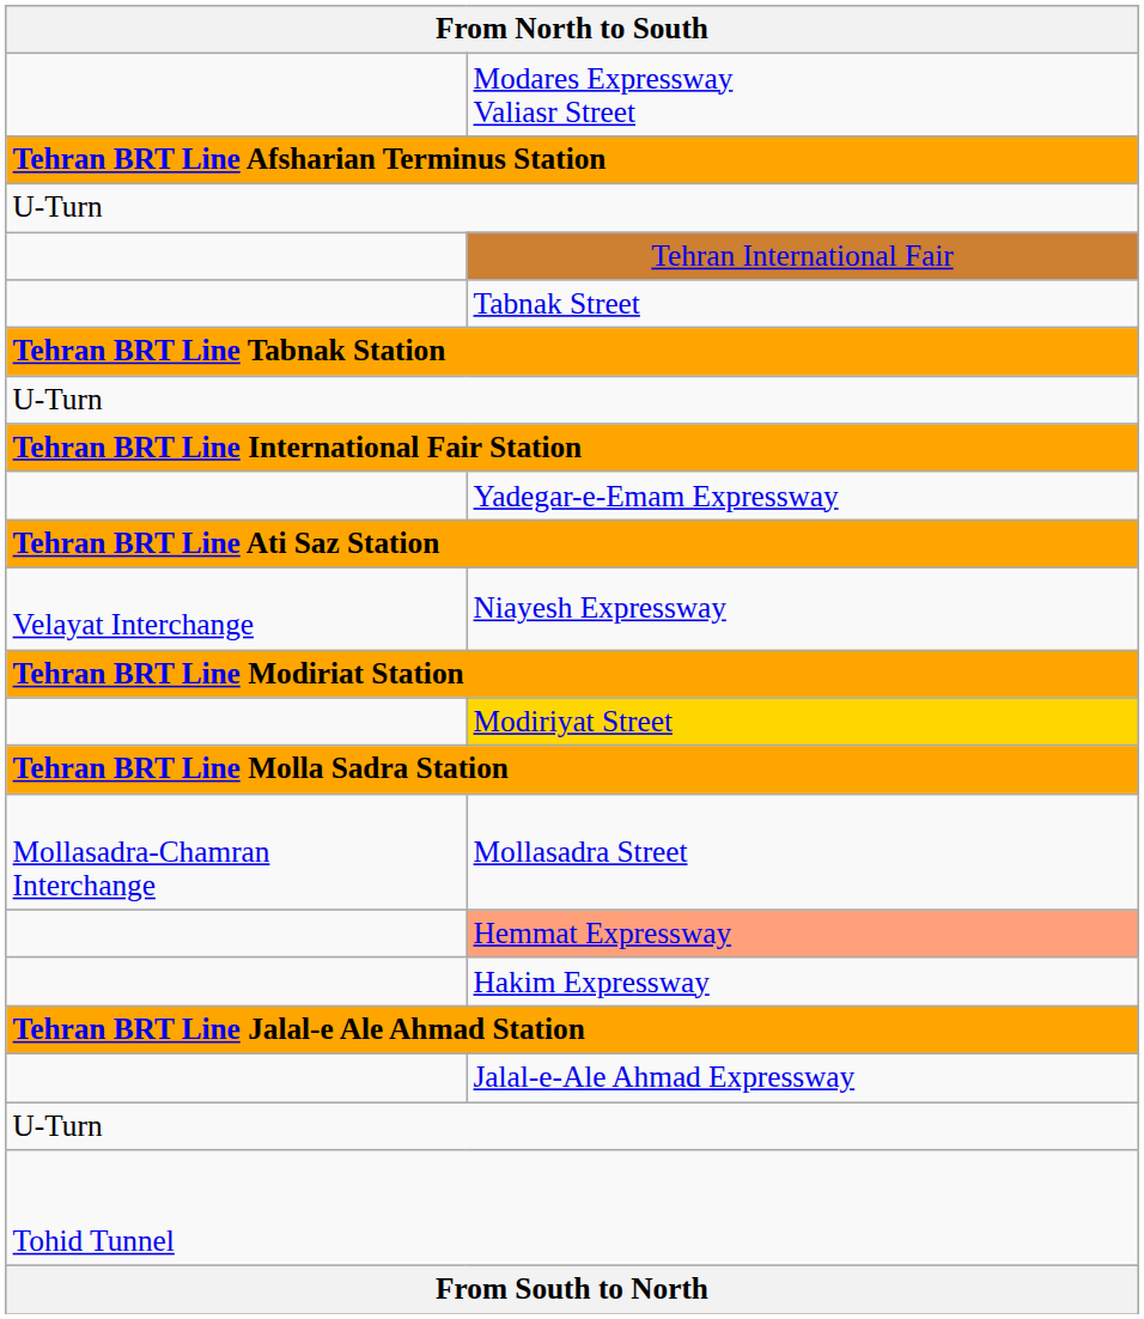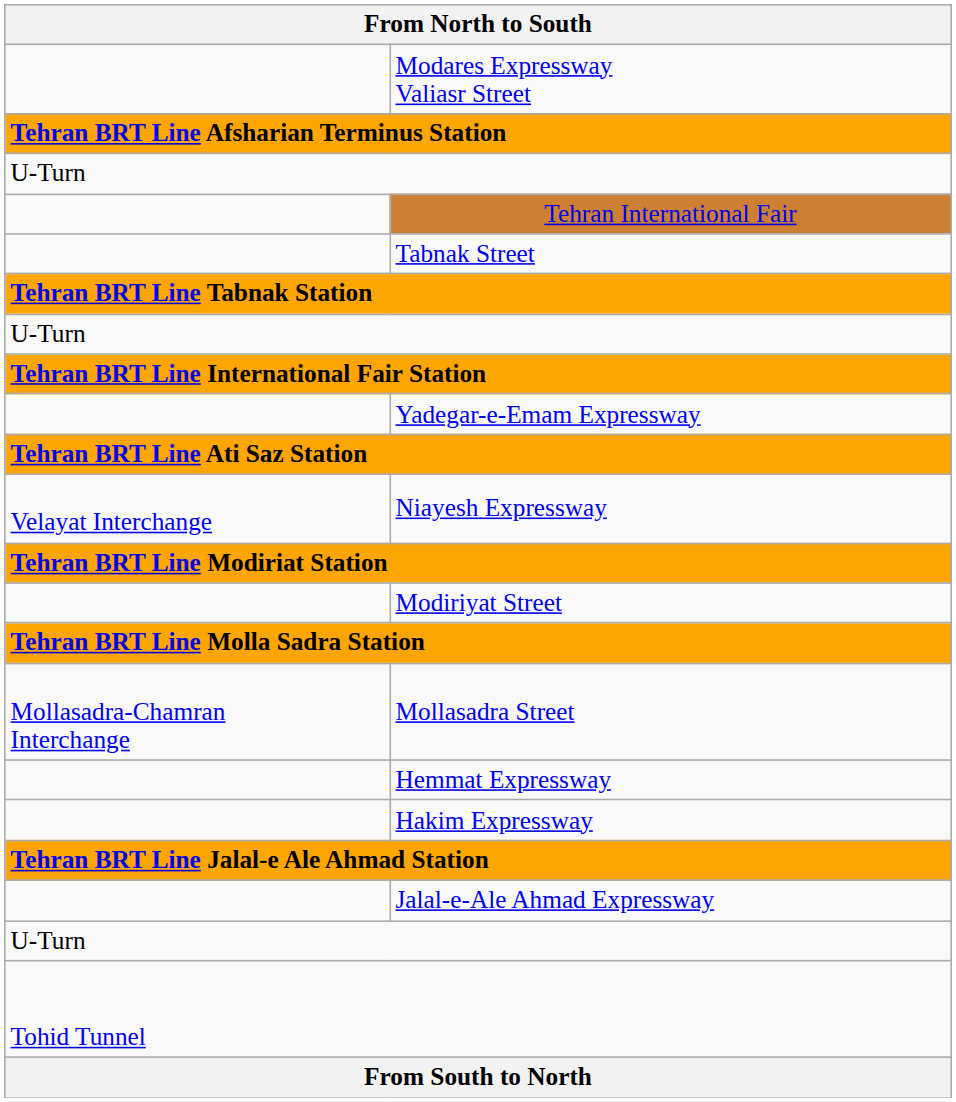 <table class="wikitable" width="600px">
 <tr>
 <th text-align="center" colspan="3"> From North to South </th>
 </tr>
 <tr>
 <td><br></td>
 <td> <a href='#'>Modares Expressway</a><br> <a href='#'>Valiasr Street</a></td>
 </tr>
 <tr>
 <td text-align="center" colspan="3" style="background: orange; color: black;"> <strong><a href='#'>Tehran BRT Line</a> Afsharian Terminus Station</strong></td>
 </tr>
 <tr>
 <td text-align="center" colspan="3"> U-Turn</td>
 </tr>
 <tr>
 <td></td>
 <td align="center" bgcolor="#CD7F32"><a href='#'>Tehran International Fair</a></td>
 </tr>
 <tr>
 <td></td>
 <td> <a href='#'>Tabnak Street</a></td>
 </tr>
 <tr>
 <td text-align="center" colspan="3" style="background: orange; color: black;"> <strong><a href='#'>Tehran BRT Line</a> Tabnak Station</strong></td>
 </tr>
 <tr>
 <td text-align="center" colspan="3"> U-Turn</td>
 </tr>
 <tr>
 <td text-align="center" colspan="3" style="background: orange; color: black;"> <strong><a href='#'>Tehran BRT Line</a> International Fair Station</strong></td>
 </tr>
 <tr>
 <td></td>
 <td> <a href='#'>Yadegar-e-Emam Expressway</a></td>
 </tr>
 <tr>
 <td text-align="center" colspan="3" style="background: orange; color: black;"> <strong><a href='#'>Tehran BRT Line</a> Ati Saz Station</strong></td>
 </tr>
 <tr>
 <td><br><a href='#'>Velayat Interchange</a></td>
 <td> <a href='#'>Niayesh Expressway</a></td>
 </tr>
 <tr>
 <td text-align="center" colspan="3" style="background: orange; color: black;"> <strong><a href='#'>Tehran BRT Line</a> Modiriat Station</strong></td>
 </tr>
 <tr>
 <td></td>
-<td style="background: gold;"> <a href='#'>Modiriyat Street</a></td>
+<td> <a href='#'>Modiriyat Street</a></td>
 </tr>
 <tr>
 <td text-align="center" colspan="3" style="background: orange; color: black;"> <strong><a href='#'>Tehran BRT Line</a> Molla Sadra Station</strong></td>
 </tr>
 <tr>
 <td><br><a href='#'>Mollasadra-Chamran<br>Interchange</a></td>
 <td> <a href='#'>Mollasadra Street</a></td>
 </tr>
 <tr>
 <td></td>
-<td style="background: lightsalmon;"> <a href='#'>Hemmat Expressway</a></td>
+<td> <a href='#'>Hemmat Expressway</a></td>
 </tr>
 <tr>
 <td></td>
 <td> <a href='#'>Hakim Expressway</a></td>
 </tr>
 <tr>
 <td text-align="center" colspan="3" style="background: orange; color: black;"> <strong><a href='#'>Tehran BRT Line</a> Jalal-e Ale Ahmad Station</strong></td>
 </tr>
 <tr>
 <td></td>
 <td> <a href='#'>Jalal-e-Ale Ahmad Expressway</a></td>
 </tr>
 <tr>
 <td text-align="center" colspan="3"> U-Turn</td>
 </tr>
 <tr>
 <td text-align="center" colspan="3"><br><br><a href='#'>Tohid Tunnel</a></td>
 </tr>
 <tr>
 <th text-align="center" colspan="3"> From South to North </th>
 </tr>
 </table>
